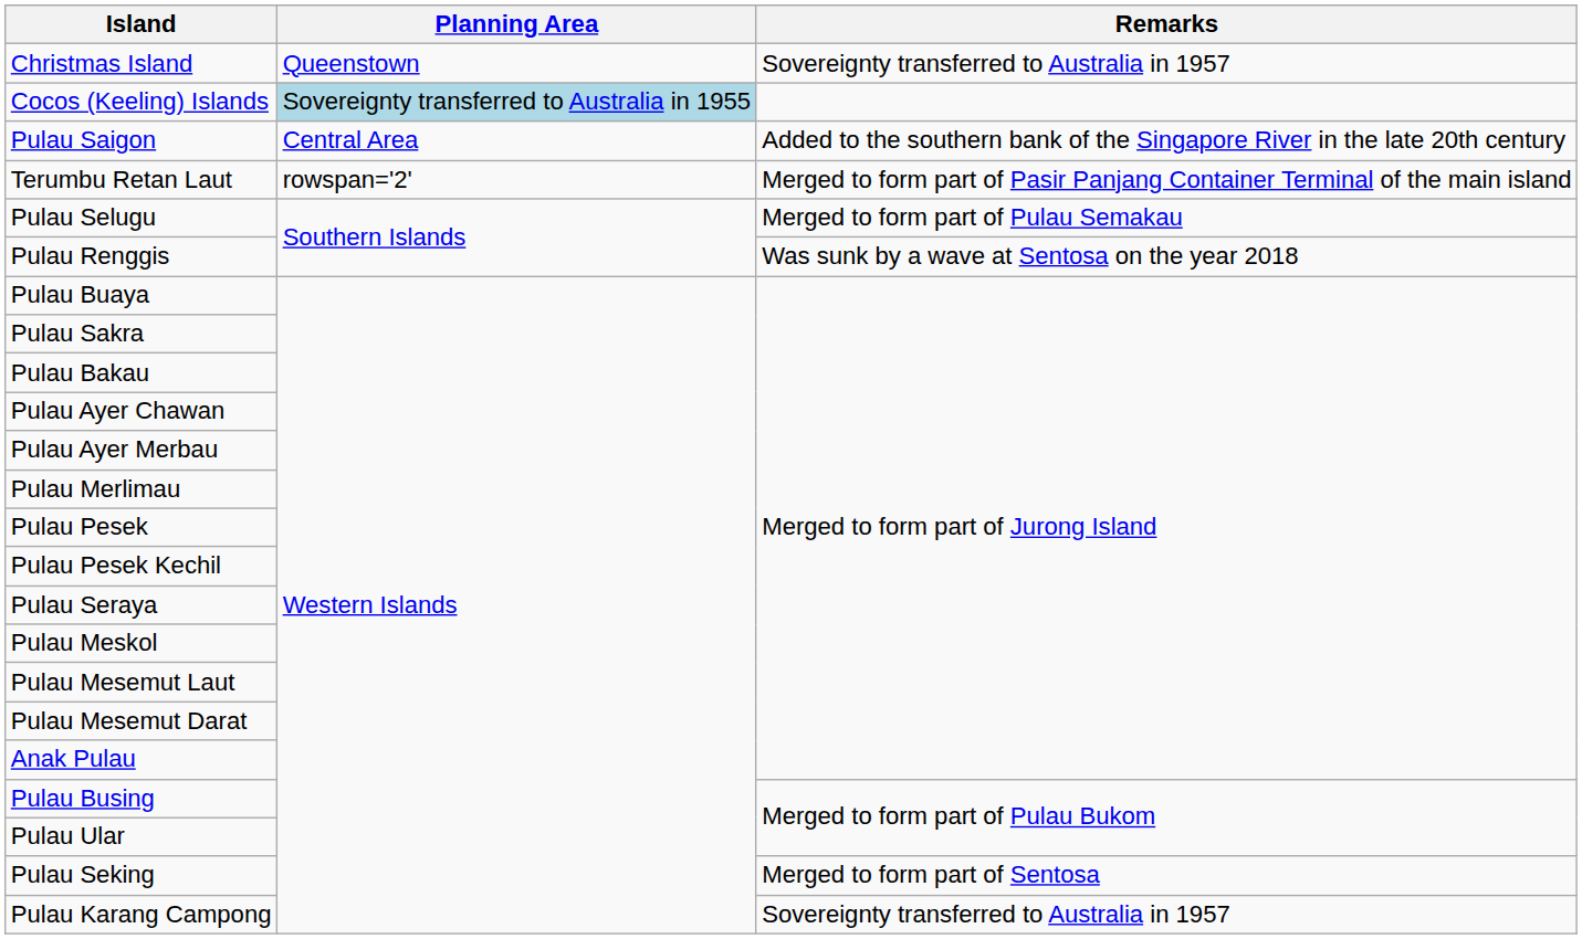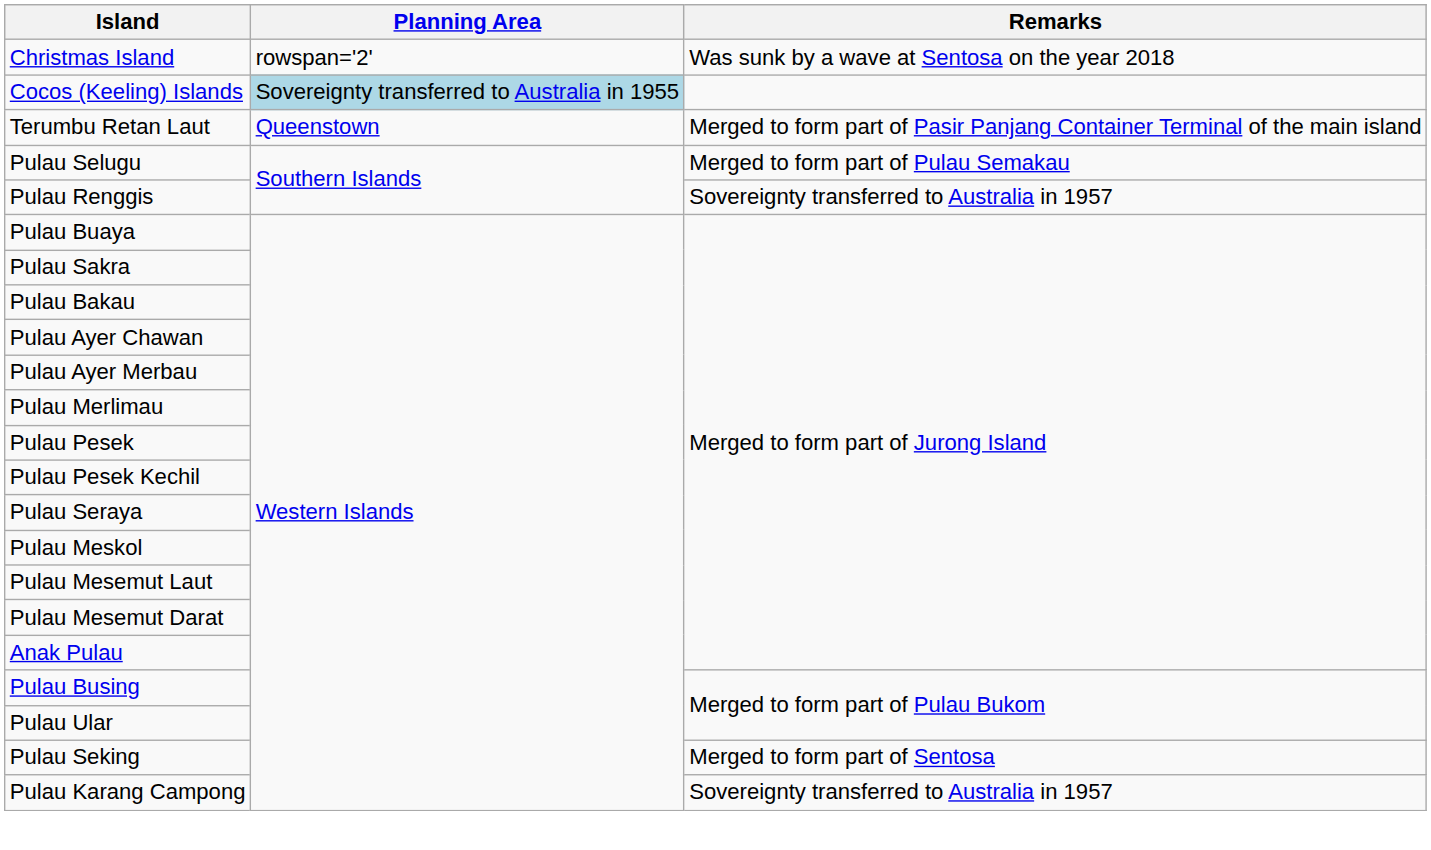 <table class="wikitable sortable static-row-numbers static-row-header-hash" id="SGIsland4">
 <tr bgcolor="#CCCCCC">
 <th>Island</th>
 <th><a href='#'>Planning Area</a></th>
 <th>Remarks</th>
 </tr>
 <tr>
 <td><a href='#'>Christmas Island</a></td>
-<td><a href='#'>Queenstown</a></td>
-<td>Sovereignty transferred to <a href='#'>Australia</a> in 1957</td>
+<td>rowspan='2' </td>
+<td>Was sunk by a wave at <a href='#'>Sentosa</a> on the year 2018</td>
 </tr>
 <tr>
 <td><a href='#'>Cocos (Keeling) Islands</a></td>
 <td style="background: lightblue;">Sovereignty transferred to <a href='#'>Australia</a> in 1955</td>
 </tr>
 <tr>
-<td><a href='#'>Pulau Saigon</a></td>
-<td><a href='#'>Central Area</a></td>
-<td>Added to the southern bank of the <a href='#'>Singapore River</a> in the late 20th century</td>
-</tr>
-<tr>
 <td>Terumbu Retan Laut</td>
-<td>rowspan='2' </td>
+<td><a href='#'>Queenstown</a></td>
 <td>Merged to form part of <a href='#'>Pasir Panjang Container Terminal</a> of the main island</td>
 </tr>
 <tr>
 <td>Pulau Selugu</td>
 <td rowspan='2'><a href='#'>Southern Islands</a></td>
 <td>Merged to form part of <a href='#'>Pulau Semakau</a></td>
 </tr>
 <tr>
 <td>Pulau Renggis</td>
-<td>Was sunk by a wave at <a href='#'>Sentosa</a> on the year 2018</td>
+<td>Sovereignty transferred to <a href='#'>Australia</a> in 1957</td>
 </tr>
 <tr>
 <td>Pulau Buaya</td>
 <td rowspan='17'><a href='#'>Western Islands</a></td>
 <td rowspan='13'>Merged to form part of <a href='#'>Jurong Island</a></td>
 </tr>
 <tr>
 <td>Pulau Sakra</td>
 </tr>
 <tr>
 <td>Pulau Bakau</td>
 </tr>
 <tr>
 <td>Pulau Ayer Chawan</td>
 </tr>
 <tr>
 <td>Pulau Ayer Merbau</td>
 </tr>
 <tr>
 <td>Pulau Merlimau</td>
 </tr>
 <tr>
 <td>Pulau Pesek</td>
 </tr>
 <tr>
 <td>Pulau Pesek Kechil</td>
 </tr>
 <tr>
 <td>Pulau Seraya</td>
 </tr>
 <tr>
 <td>Pulau Meskol</td>
 </tr>
 <tr>
 <td>Pulau Mesemut Laut</td>
 </tr>
 <tr>
 <td>Pulau Mesemut Darat</td>
 </tr>
 <tr>
 <td><a href='#'>Anak Pulau</a></td>
 </tr>
 <tr>
 <td><a href='#'>Pulau Busing</a></td>
 <td rowspan='2'>Merged to form part of <a href='#'>Pulau Bukom</a></td>
 </tr>
 <tr>
 <td>Pulau Ular</td>
 </tr>
 <tr>
 <td>Pulau Seking</td>
 <td>Merged to form part of <a href='#'>Sentosa</a></td>
 </tr>
 <tr>
 <td>Pulau Karang Campong</td>
 <td>Sovereignty transferred to <a href='#'>Australia</a> in 1957</td>
 </tr>
 </table>
